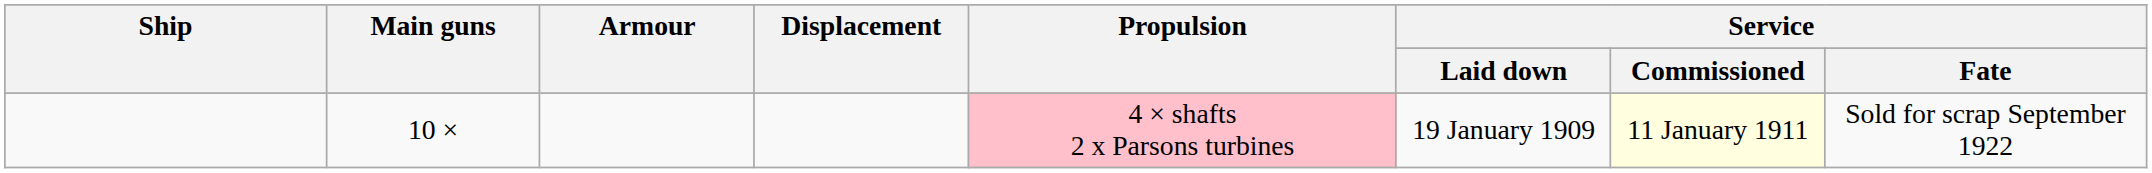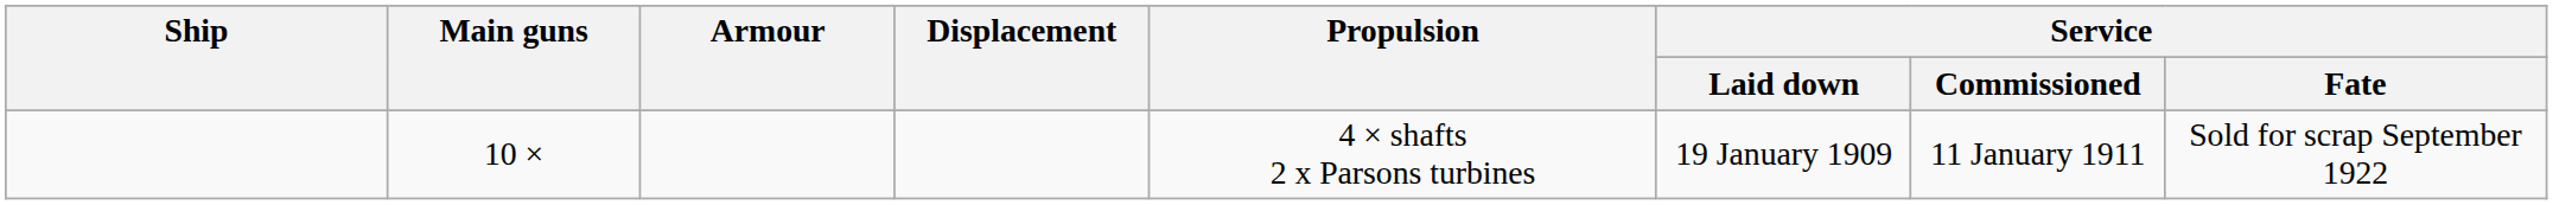 <table class="wikitable" style="width:98%;">
 <tr valign="top"|- valign="top">
 <th style="width:15%; text-align:center;" rowspan="2">Ship</th>
 <th style="width:10%; text-align:center;" rowspan="2">Main guns</th>
 <th style="width:10%; text-align:center;" rowspan="2">Armour</th>
 <th style="width:10%; text-align:center;" rowspan="2">Displacement</th>
 <th style="width:20%; text-align:center;" rowspan="2">Propulsion</th>
 <th style="width:40%; text-align:center;" colspan="3">Service</th>
 </tr>
 <tr valign="top">
 <th style="width:10%; text-align:center;">Laid down</th>
 <th style="width:10%; text-align:center;">Commissioned</th>
 <th style="width:20%; text-align:center;">Fate</th>
 </tr>
 <tr valign="enter">
 <td align= center></td>
 <td style="text-align:center;">10 × </td>
 <td style="text-align:center;"></td>
 <td style="text-align:center;"></td>
-<td align= center style="background: pink;">4 × shafts<br>2 x Parsons turbines<br></td>
+<td align= center>4 × shafts<br>2 x Parsons turbines<br></td>
 <td style="text-align:center;">19 January 1909</td>
-<td style="background: lightyellow; text-align:center;">11 January 1911</td>
+<td style="text-align:center;">11 January 1911</td>
 <td align= center>Sold for scrap September 1922</td>
 </tr>
 </table>
